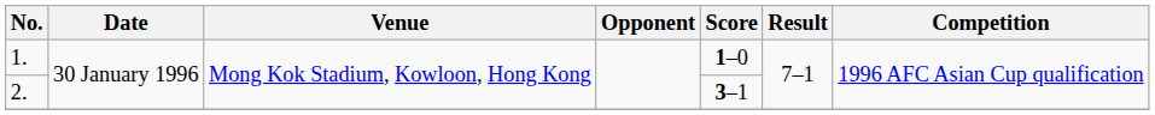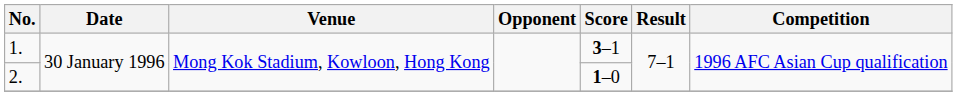 <table class="wikitable">
 <tr>
 <th>No.</th>
 <th>Date</th>
 <th>Venue</th>
 <th>Opponent</th>
 <th>Score</th>
 <th>Result</th>
 <th>Competition</th>
 </tr>
 <tr>
 <td>1.</td>
 <td rowspan=2>30 January 1996</td>
 <td rowspan=2><a href='#'>Mong Kok Stadium</a>, <a href='#'>Kowloon</a>, <a href='#'>Hong Kong</a></td>
 <td rowspan=2></td>
-<td align=center><strong>1</strong>–0</td>
+<td align=center><strong>3</strong>–1</td>
 <td rowspan=2 align=center>7–1</td>
 <td rowspan=2><a href='#'>1996 AFC Asian Cup qualification</a></td>
 </tr>
 <tr>
 <td>2.</td>
-<td align=center><strong>3</strong>–1</td>
+<td align=center><strong>1</strong>–0</td>
 </tr>
 <tr>
 </tr>
 </table>
